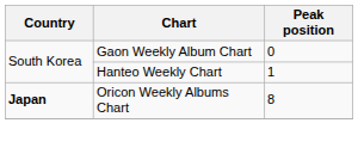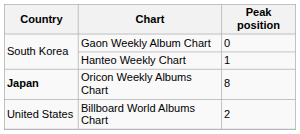 <table class="wikitable" style="align:center" style="text-align:center">
 <tr>
 <th width="100">Country</th>
 <th width="200">Chart</th>
 <th width="100">Peak position</th>
 </tr>
 <tr>
 <td rowspan="2">South Korea</td>
 <td>Gaon Weekly Album Chart</td>
 <td>0</td>
 </tr>
 <tr>
 <td>Hanteo Weekly Chart</td>
 <td>1</td>
 </tr>
 <tr>
 <td rowspan="1"><strong>Japan</strong></td>
 <td>Oricon Weekly Albums Chart</td>
 <td>8</td>
 </tr>
 <tr>
+<td>United States</td>
+<td>Billboard World Albums Chart</td>
+<td>2</td>
+</tr>
+<tr>
 </tr>
 </table>
